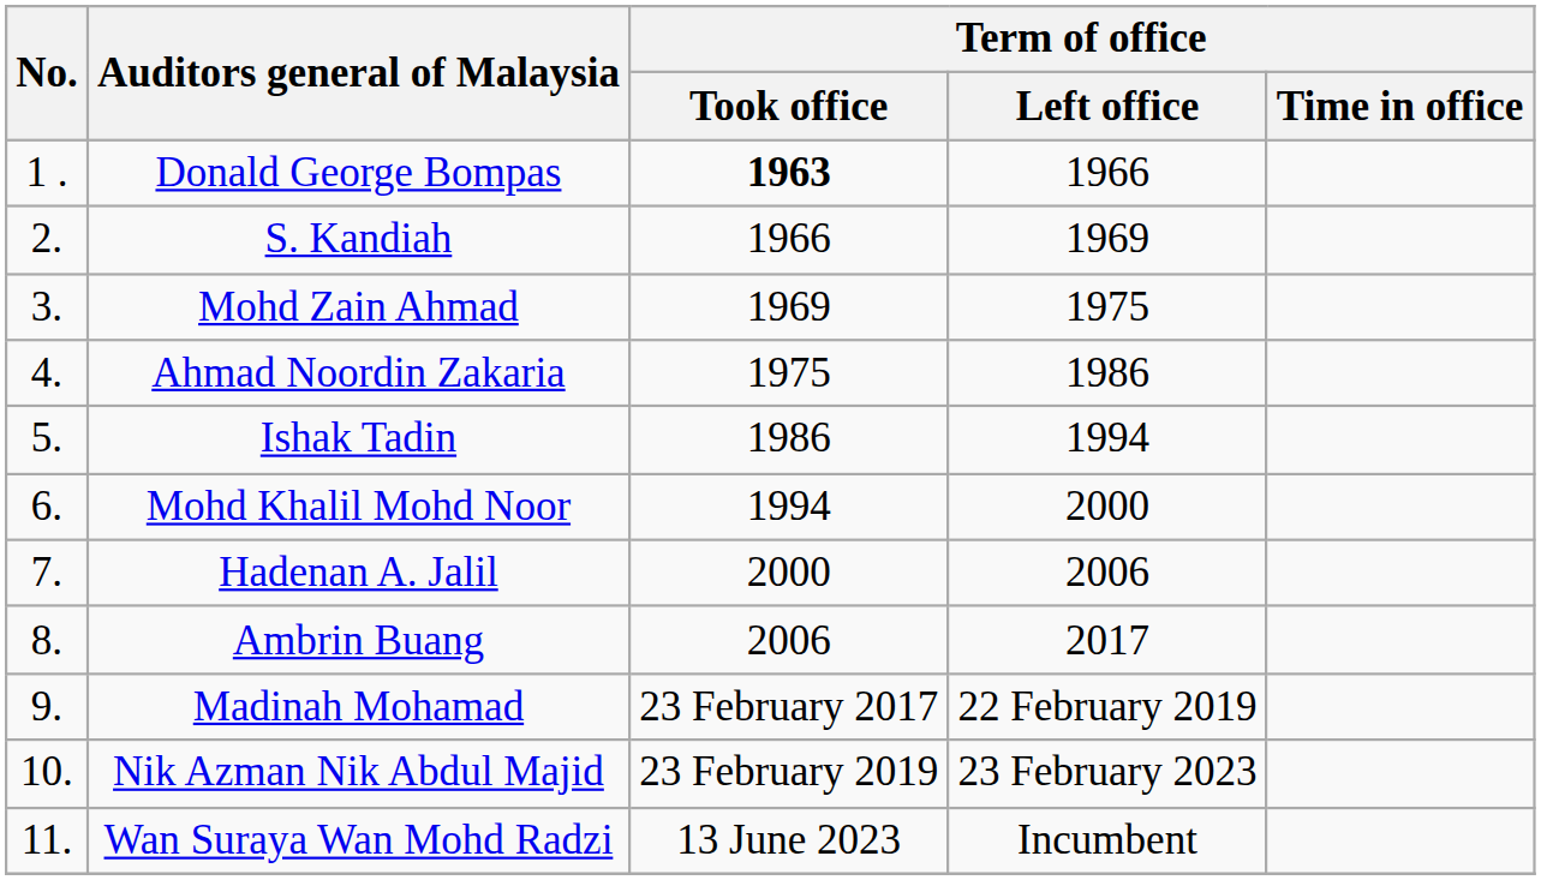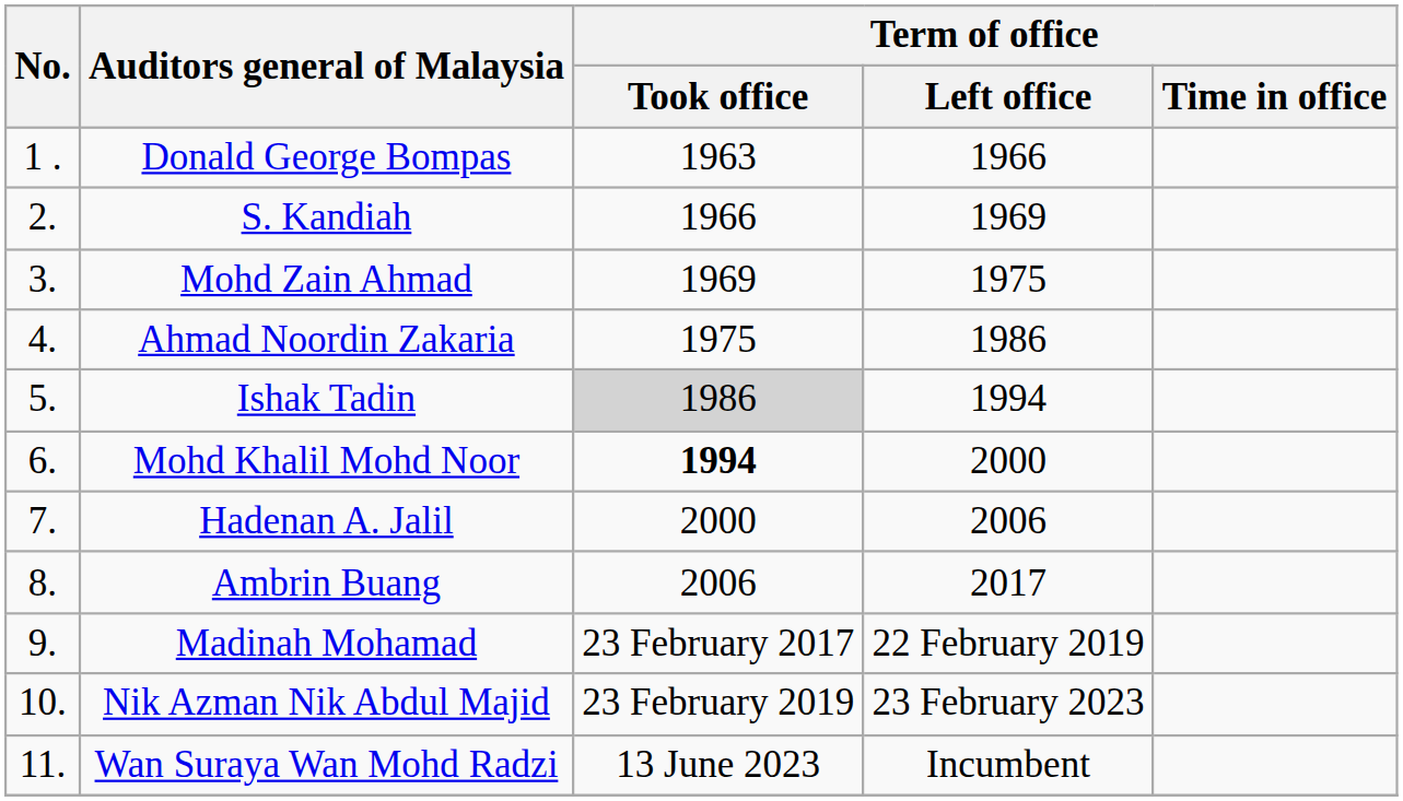 <table class="wikitable" style="text-align:center;">
 <tr style="background:#cccccc">
 <th rowspan=2>No.</th>
 <th rowspan=2>Auditors general of Malaysia</th>
 <th colspan=3>Term of office</th>
 </tr>
 <tr>
 <th>Took office</th>
 <th>Left office</th>
 <th>Time in office</th>
 </tr>
 <tr>
 <td>1 .</td>
 <td><a href='#'>Donald George Bompas</a></td>
-<td><strong>1963</strong></td>
+<td>1963</td>
 <td>1966</td>
 <td></td>
 </tr>
 <tr>
 <td>2.</td>
 <td><a href='#'>S. Kandiah</a></td>
 <td>1966</td>
 <td>1969</td>
 <td></td>
 </tr>
 <tr>
 <td>3.</td>
 <td><a href='#'>Mohd Zain Ahmad</a></td>
 <td>1969</td>
 <td>1975</td>
 <td></td>
 </tr>
 <tr>
 <td>4.</td>
 <td><a href='#'>Ahmad Noordin Zakaria</a></td>
 <td>1975</td>
 <td>1986</td>
 <td></td>
 </tr>
 <tr>
 <td>5.</td>
 <td><a href='#'>Ishak Tadin</a></td>
-<td>1986</td>
+<td style="background: lightgrey;">1986</td>
 <td>1994</td>
 <td></td>
 </tr>
 <tr>
 <td>6.</td>
 <td><a href='#'>Mohd Khalil Mohd Noor</a></td>
-<td>1994</td>
+<td><strong>1994</strong></td>
 <td>2000</td>
 <td></td>
 </tr>
 <tr>
 <td>7.</td>
 <td><a href='#'>Hadenan A. Jalil</a></td>
 <td>2000</td>
 <td>2006</td>
 <td></td>
 </tr>
 <tr>
 <td>8.</td>
 <td><a href='#'>Ambrin Buang</a></td>
 <td>2006</td>
 <td>2017</td>
 <td></td>
 </tr>
 <tr>
 <td>9.</td>
 <td><a href='#'>Madinah Mohamad</a></td>
 <td>23 February 2017</td>
 <td>22 February 2019</td>
 <td></td>
 </tr>
 <tr>
 <td>10.</td>
 <td><a href='#'>Nik Azman Nik Abdul Majid</a></td>
 <td>23 February 2019</td>
 <td>23 February 2023</td>
 <td></td>
 </tr>
 <tr>
 <td>11.</td>
 <td><a href='#'>Wan Suraya Wan Mohd Radzi</a></td>
 <td>13 June 2023</td>
 <td>Incumbent</td>
 <td></td>
 </tr>
 <tr>
 </tr>
 </table>
